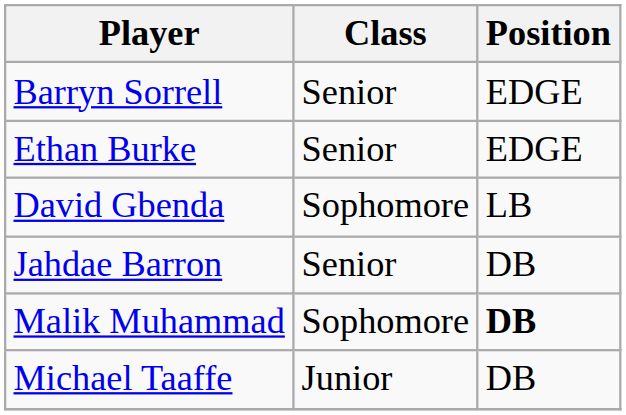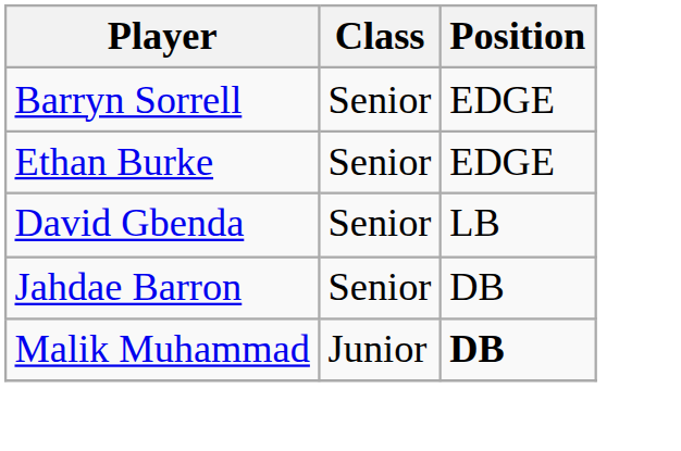 <table class="wikitable">
 <tr>
 <th style="text-align:center; ">Player</th>
 <th style="text-align:center; ">Class</th>
 <th style="text-align:center; ">Position</th>
 </tr>
 <tr>
 <td><a href='#'>Barryn Sorrell</a></td>
 <td>Senior</td>
 <td>EDGE</td>
 </tr>
 <tr>
 <td><a href='#'>Ethan Burke</a></td>
 <td>Senior</td>
 <td>EDGE</td>
 </tr>
 <tr>
 <td><a href='#'>David Gbenda</a></td>
-<td>Sophomore</td>
+<td>Senior</td>
 <td>LB</td>
 </tr>
 <tr>
 <td><a href='#'>Jahdae Barron</a></td>
 <td>Senior</td>
 <td>DB</td>
 </tr>
 <tr>
 <td><a href='#'>Malik Muhammad</a></td>
-<td>Sophomore</td>
+<td>Junior</td>
 <td><strong>DB</strong></td>
-</tr>
-<tr>
-<td><a href='#'>Michael Taaffe</a></td>
-<td>Junior</td>
-<td>DB</td>
 </tr>
 <tr>
 </tr>
 </table>
